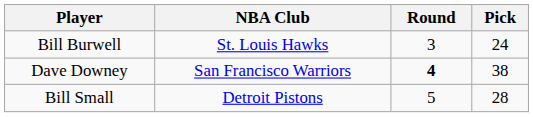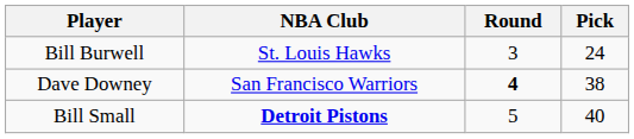 <table class="wikitable" width="500">
 <tr>
 <th>Player</th>
 <th>NBA Club</th>
 <th>Round</th>
 <th>Pick</th>
 </tr>
 <tr align="center" bgcolor="">
 <td>Bill Burwell</td>
 <td><a href='#'>St. Louis Hawks</a></td>
 <td>3</td>
 <td>24</td>
 </tr>
 <tr style="text-align:center;" bgcolor="">
 <td>Dave Downey</td>
 <td><a href='#'>San Francisco Warriors</a></td>
 <td><strong>4</strong></td>
 <td>38</td>
 </tr>
 <tr style="text-align:center;" bgcolor="">
 <td>Bill Small</td>
-<td><a href='#'>Detroit Pistons</a></td>
+<td><strong><a href='#'>Detroit Pistons</a></strong></td>
 <td>5</td>
-<td>28</td>
+<td>40</td>
 </tr>
 </table>
